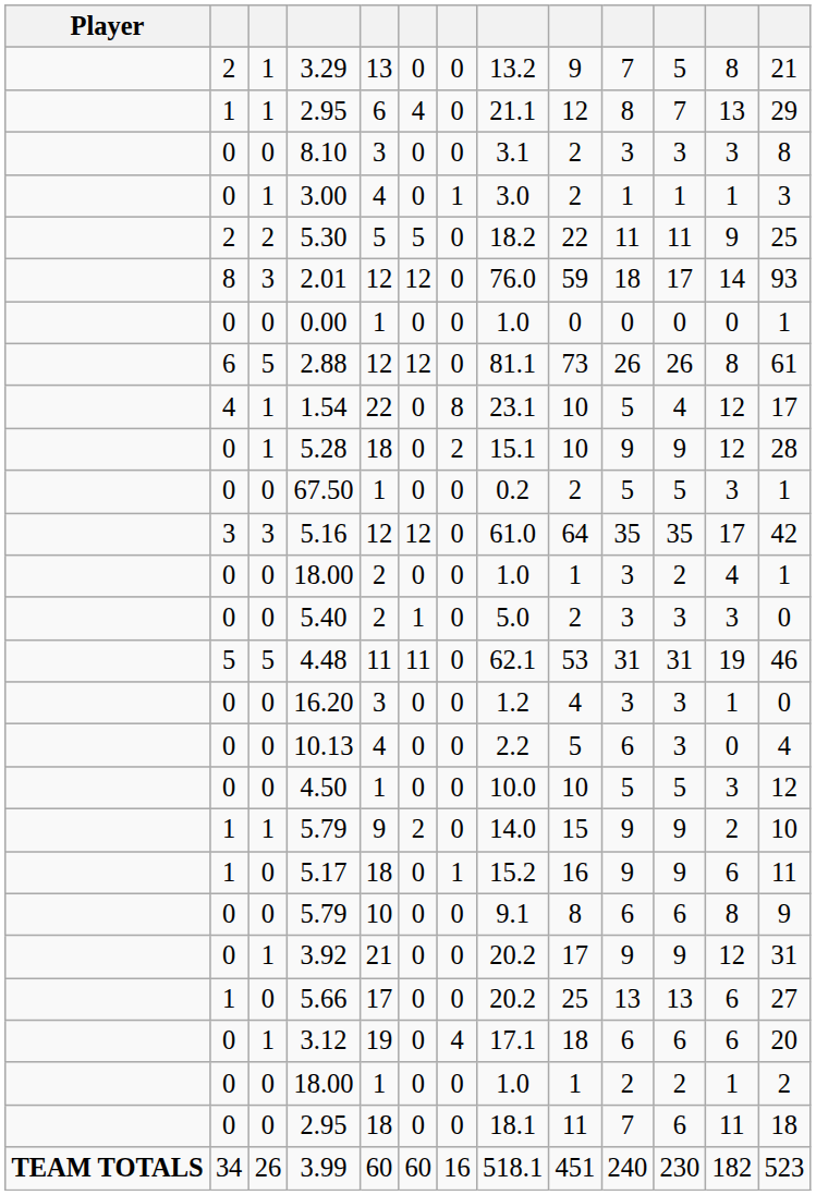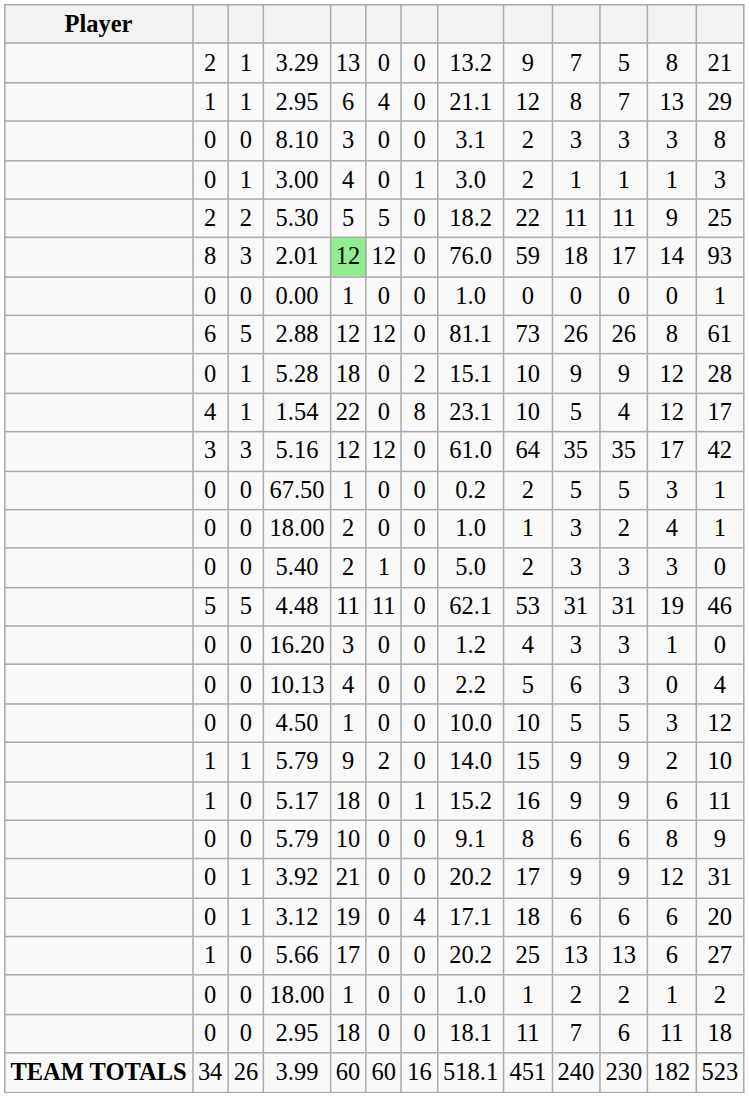 <table class="wikitable sortable" style="text-align:center;">
 <tr>
 <th>Player</th>
 <th></th>
 <th></th>
 <th></th>
 <th></th>
 <th></th>
 <th></th>
 <th></th>
 <th></th>
 <th></th>
 <th></th>
 <th></th>
 <th></th>
 </tr>
 <tr>
 <td align="left"></td>
 <td>2</td>
 <td>1</td>
 <td>3.29</td>
 <td>13</td>
 <td>0</td>
 <td>0</td>
 <td>13.2</td>
 <td>9</td>
 <td>7</td>
 <td>5</td>
 <td>8</td>
 <td>21</td>
 </tr>
 <tr>
 <td align="left"></td>
 <td>1</td>
 <td>1</td>
 <td>2.95</td>
 <td>6</td>
 <td>4</td>
 <td>0</td>
 <td>21.1</td>
 <td>12</td>
 <td>8</td>
 <td>7</td>
 <td>13</td>
 <td>29</td>
 </tr>
 <tr>
 <td align="left"></td>
 <td>0</td>
 <td>0</td>
 <td>8.10</td>
 <td>3</td>
 <td>0</td>
 <td>0</td>
 <td>3.1</td>
 <td>2</td>
 <td>3</td>
 <td>3</td>
 <td>3</td>
 <td>8</td>
 </tr>
 <tr>
 <td align="left"></td>
 <td>0</td>
 <td>1</td>
 <td>3.00</td>
 <td>4</td>
 <td>0</td>
 <td>1</td>
 <td>3.0</td>
 <td>2</td>
 <td>1</td>
 <td>1</td>
 <td>1</td>
 <td>3</td>
 </tr>
 <tr>
 <td align="left"></td>
 <td>2</td>
 <td>2</td>
 <td>5.30</td>
 <td>5</td>
 <td>5</td>
 <td>0</td>
 <td>18.2</td>
 <td>22</td>
 <td>11</td>
 <td>11</td>
 <td>9</td>
 <td>25</td>
 </tr>
 <tr>
 <td align="left"></td>
 <td>8</td>
 <td>3</td>
 <td>2.01</td>
-<td>12</td>
+<td style="background: lightgreen;">12</td>
 <td>12</td>
 <td>0</td>
 <td>76.0</td>
 <td>59</td>
 <td>18</td>
 <td>17</td>
 <td>14</td>
 <td>93</td>
 </tr>
 <tr>
 <td align="left"></td>
 <td>0</td>
 <td>0</td>
 <td>0.00</td>
 <td>1</td>
 <td>0</td>
 <td>0</td>
 <td>1.0</td>
 <td>0</td>
 <td>0</td>
 <td>0</td>
 <td>0</td>
 <td>1</td>
 </tr>
 <tr>
 <td align="left"></td>
 <td>6</td>
 <td>5</td>
 <td>2.88</td>
 <td>12</td>
 <td>12</td>
 <td>0</td>
 <td>81.1</td>
 <td>73</td>
 <td>26</td>
 <td>26</td>
 <td>8</td>
 <td>61</td>
 </tr>
 <tr>
 <td align="left"></td>
+<td>0</td>
+<td>1</td>
+<td>5.28</td>
+<td>18</td>
+<td>0</td>
+<td>2</td>
+<td>15.1</td>
+<td>10</td>
+<td>9</td>
+<td>9</td>
+<td>12</td>
+<td>28</td>
+</tr>
+<tr>
+<td align="left"></td>
 <td>4</td>
 <td>1</td>
 <td>1.54</td>
 <td>22</td>
 <td>0</td>
 <td>8</td>
 <td>23.1</td>
 <td>10</td>
 <td>5</td>
 <td>4</td>
 <td>12</td>
 <td>17</td>
 </tr>
 <tr>
 <td align="left"></td>
+<td>3</td>
+<td>3</td>
+<td>5.16</td>
+<td>12</td>
+<td>12</td>
 <td>0</td>
-<td>1</td>
-<td>5.28</td>
-<td>18</td>
-<td>0</td>
-<td>2</td>
-<td>15.1</td>
-<td>10</td>
-<td>9</td>
-<td>9</td>
-<td>12</td>
-<td>28</td>
+<td>61.0</td>
+<td>64</td>
+<td>35</td>
+<td>35</td>
+<td>17</td>
+<td>42</td>
 </tr>
 <tr>
 <td align="left"></td>
 <td>0</td>
 <td>0</td>
 <td>67.50</td>
 <td>1</td>
 <td>0</td>
 <td>0</td>
 <td>0.2</td>
 <td>2</td>
 <td>5</td>
 <td>5</td>
 <td>3</td>
 <td>1</td>
-</tr>
-<tr>
-<td align="left"></td>
-<td>3</td>
-<td>3</td>
-<td>5.16</td>
-<td>12</td>
-<td>12</td>
-<td>0</td>
-<td>61.0</td>
-<td>64</td>
-<td>35</td>
-<td>35</td>
-<td>17</td>
-<td>42</td>
 </tr>
 <tr>
 <td align="left"></td>
 <td>0</td>
 <td>0</td>
 <td>18.00</td>
 <td>2</td>
 <td>0</td>
 <td>0</td>
 <td>1.0</td>
 <td>1</td>
 <td>3</td>
 <td>2</td>
 <td>4</td>
 <td>1</td>
 </tr>
 <tr>
 <td align="left"></td>
 <td>0</td>
 <td>0</td>
 <td>5.40</td>
 <td>2</td>
 <td>1</td>
 <td>0</td>
 <td>5.0</td>
 <td>2</td>
 <td>3</td>
 <td>3</td>
 <td>3</td>
 <td>0</td>
 </tr>
 <tr>
 <td align="left"></td>
 <td>5</td>
 <td>5</td>
 <td>4.48</td>
 <td>11</td>
 <td>11</td>
 <td>0</td>
 <td>62.1</td>
 <td>53</td>
 <td>31</td>
 <td>31</td>
 <td>19</td>
 <td>46</td>
 </tr>
 <tr>
 <td align="left"></td>
 <td>0</td>
 <td>0</td>
 <td>16.20</td>
 <td>3</td>
 <td>0</td>
 <td>0</td>
 <td>1.2</td>
 <td>4</td>
 <td>3</td>
 <td>3</td>
 <td>1</td>
 <td>0</td>
 </tr>
 <tr>
 <td align="left"></td>
 <td>0</td>
 <td>0</td>
 <td>10.13</td>
 <td>4</td>
 <td>0</td>
 <td>0</td>
 <td>2.2</td>
 <td>5</td>
 <td>6</td>
 <td>3</td>
 <td>0</td>
 <td>4</td>
 </tr>
 <tr>
 <td align="left"></td>
 <td>0</td>
 <td>0</td>
 <td>4.50</td>
 <td>1</td>
 <td>0</td>
 <td>0</td>
 <td>10.0</td>
 <td>10</td>
 <td>5</td>
 <td>5</td>
 <td>3</td>
 <td>12</td>
 </tr>
 <tr>
 <td align="left"></td>
 <td>1</td>
 <td>1</td>
 <td>5.79</td>
 <td>9</td>
 <td>2</td>
 <td>0</td>
 <td>14.0</td>
 <td>15</td>
 <td>9</td>
 <td>9</td>
 <td>2</td>
 <td>10</td>
 </tr>
 <tr>
 <td align="left"></td>
 <td>1</td>
 <td>0</td>
 <td>5.17</td>
 <td>18</td>
 <td>0</td>
 <td>1</td>
 <td>15.2</td>
 <td>16</td>
 <td>9</td>
 <td>9</td>
 <td>6</td>
 <td>11</td>
 </tr>
 <tr>
 <td align="left"></td>
 <td>0</td>
 <td>0</td>
 <td>5.79</td>
 <td>10</td>
 <td>0</td>
 <td>0</td>
 <td>9.1</td>
 <td>8</td>
 <td>6</td>
 <td>6</td>
 <td>8</td>
 <td>9</td>
 </tr>
 <tr>
 <td align="left"></td>
 <td>0</td>
 <td>1</td>
 <td>3.92</td>
 <td>21</td>
 <td>0</td>
 <td>0</td>
 <td>20.2</td>
 <td>17</td>
 <td>9</td>
 <td>9</td>
 <td>12</td>
 <td>31</td>
 </tr>
 <tr>
 <td align="left"></td>
+<td>0</td>
+<td>1</td>
+<td>3.12</td>
+<td>19</td>
+<td>0</td>
+<td>4</td>
+<td>17.1</td>
+<td>18</td>
+<td>6</td>
+<td>6</td>
+<td>6</td>
+<td>20</td>
+</tr>
+<tr>
+<td align="left"></td>
 <td>1</td>
 <td>0</td>
 <td>5.66</td>
 <td>17</td>
 <td>0</td>
 <td>0</td>
 <td>20.2</td>
 <td>25</td>
 <td>13</td>
 <td>13</td>
 <td>6</td>
 <td>27</td>
-</tr>
-<tr>
-<td align="left"></td>
-<td>0</td>
-<td>1</td>
-<td>3.12</td>
-<td>19</td>
-<td>0</td>
-<td>4</td>
-<td>17.1</td>
-<td>18</td>
-<td>6</td>
-<td>6</td>
-<td>6</td>
-<td>20</td>
 </tr>
 <tr>
 <td align="left"></td>
 <td>0</td>
 <td>0</td>
 <td>18.00</td>
 <td>1</td>
 <td>0</td>
 <td>0</td>
 <td>1.0</td>
 <td>1</td>
 <td>2</td>
 <td>2</td>
 <td>1</td>
 <td>2</td>
 </tr>
 <tr>
 <td align="left"></td>
 <td>0</td>
 <td>0</td>
 <td>2.95</td>
 <td>18</td>
 <td>0</td>
 <td>0</td>
 <td>18.1</td>
 <td>11</td>
 <td>7</td>
 <td>6</td>
 <td>11</td>
 <td>18</td>
 </tr>
 <tr class="sortbottom">
 <td align="left"><strong>TEAM TOTALS</strong></td>
 <td>34</td>
 <td>26</td>
 <td>3.99</td>
 <td>60</td>
 <td>60</td>
 <td>16</td>
 <td>518.1</td>
 <td>451</td>
 <td>240</td>
 <td>230</td>
 <td>182</td>
 <td>523</td>
 </tr>
 </table>
